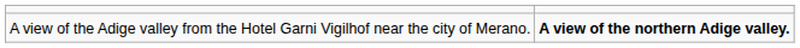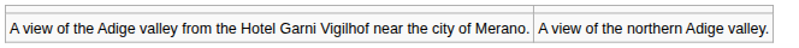 <table class="wikitable">
 <tr>
 <td></td>
 <td></td>
 </tr>
 <tr>
 <td><small>A view of the Adige valley from the Hotel Garni Vigilhof near the city of Merano.</small></td>
-<td><strong><small>A view of the northern Adige valley.</small></strong></td>
+<td><small>A view of the northern Adige valley.</small></td>
 </tr>
 </table>
